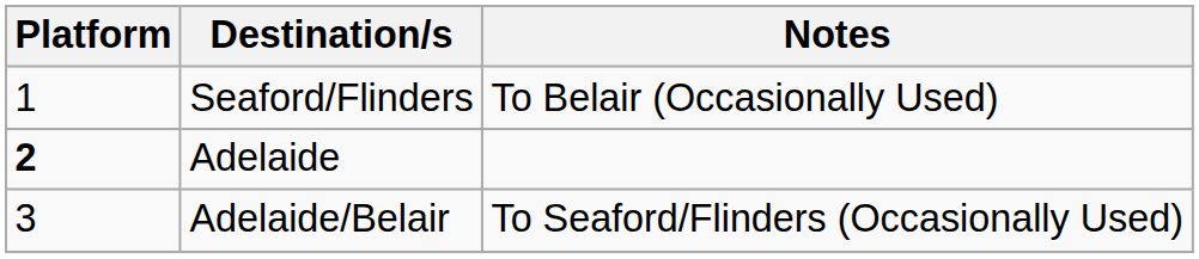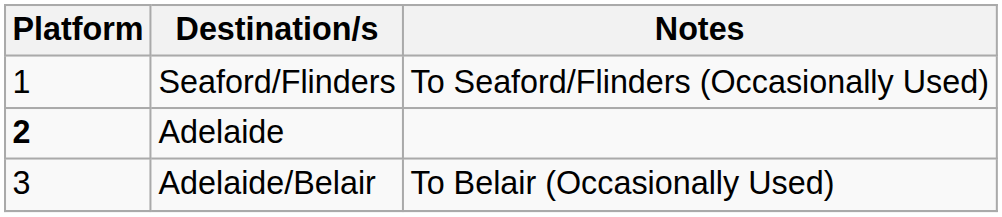 <table class="wikitable">
 <tr>
 <th>Platform</th>
 <th>Destination/s</th>
 <th>Notes</th>
 </tr>
 <tr>
 <td style=background:#><span>1</span></td>
 <td>Seaford/Flinders</td>
-<td>To Belair (Occasionally Used)</td>
+<td>To Seaford/Flinders (Occasionally Used)</td>
 </tr>
 <tr>
 <td style=background:#><strong><span>2</span></strong></td>
 <td>Adelaide</td>
 <td></td>
 </tr>
 <tr>
 <td style=background:#><span>3</span></td>
 <td>Adelaide/Belair</td>
-<td>To Seaford/Flinders (Occasionally Used)</td>
+<td>To Belair (Occasionally Used)</td>
 </tr>
 <tr>
 </tr>
 </table>
